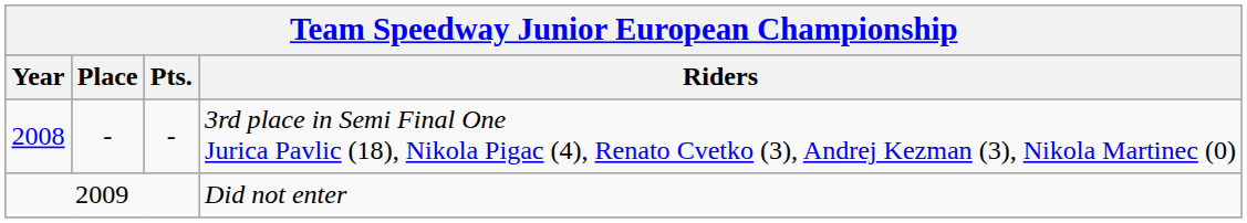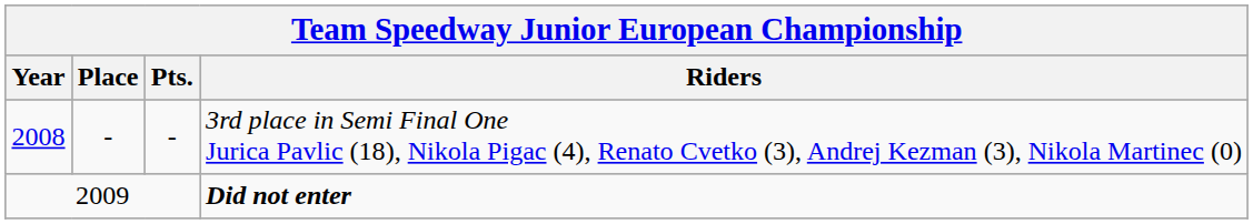 <table class=wikitable style="font-size: 90%;">
 <tr>
 <th colspan=4><big><a href='#'>Team Speedway Junior European Championship</a></big></th>
 </tr>
 <tr>
 <th>Year</th>
 <th>Place</th>
 <th>Pts.</th>
 <th>Riders</th>
 </tr>
 <tr align=center >
 <td><a href='#'>2008</a></td>
 <td>-</td>
 <td>-</td>
 <td align=left><em>3rd place in Semi Final One</em> <br><a href='#'>Jurica Pavlic</a> (18), <a href='#'>Nikola Pigac</a> (4), <a href='#'>Renato Cvetko</a> (3), <a href='#'>Andrej Kezman</a> (3), <a href='#'>Nikola Martinec</a> (0)</td>
 </tr>
 <tr align=center >
 <td colspan=3>2009</td>
-<td align=left><em>Did not enter</em></td>
+<td align=left><strong><em>Did not enter</em></strong></td>
 </tr>
 </table>
